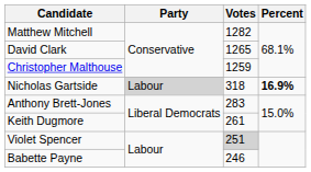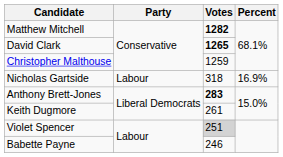 <table class="wikitable">
 <tr>
 <th>Candidate</th>
 <th>Party</th>
 <th>Votes</th>
 <th>Percent</th>
 </tr>
 <tr>
 <td>Matthew Mitchell</td>
 <td rowspan="3">Conservative</td>
-<td>1282</td>
+<td><strong>1282</strong></td>
 <td rowspan="3">68.1%</td>
 </tr>
 <tr>
 <td>David Clark</td>
-<td>1265</td>
+<td><strong>1265</strong></td>
 </tr>
 <tr>
 <td><a href='#'>Christopher Malthouse</a></td>
 <td>1259</td>
 </tr>
 <tr>
 <td>Nicholas Gartside</td>
-<td style="background: lightgrey;">Labour</td>
+<td>Labour</td>
 <td>318</td>
-<td><strong>16.9%</strong></td>
+<td>16.9%</td>
 </tr>
 <tr>
 <td>Anthony Brett-Jones</td>
 <td rowspan="2">Liberal Democrats</td>
-<td>283</td>
+<td><strong>283</strong></td>
 <td rowspan="2">15.0%</td>
 </tr>
 <tr>
 <td>Keith Dugmore</td>
 <td>261</td>
 </tr>
 <tr>
 <td>Violet Spencer</td>
 <td rowspan="2">Labour</td>
 <td style="background: lightgrey;">251</td>
 <td rowspan="2"></td>
 </tr>
 <tr>
 <td>Babette Payne</td>
 <td>246</td>
 </tr>
 </table>
